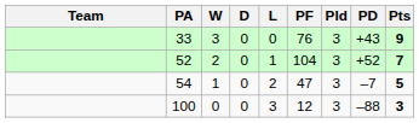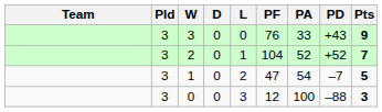 <table class="wikitable" style="text-align:center;">
 <tr>
 <th width=175>Team</th>
-<th width=32 abbr="Points against">PA</th>
+<th width=25 abbr="Played">Pld</th>
 <th width=25 abbr="Won">W</th>
 <th width=25 abbr="Drawn">D</th>
 <th width=25 abbr="Lost">L</th>
 <th width=32 abbr="Points for">PF</th>
-<th width=25 abbr="Played">Pld</th>
+<th width=32 abbr="Points against">PA</th>
 <th width=32 abbr="Points difference">PD</th>
 <th width=25 abbr="Points">Pts</th>
 </tr>
 <tr bgcolor=ccffcc>
 <td align=left></td>
-<td>33</td>
+<td>3</td>
 <td>3</td>
 <td>0</td>
 <td>0</td>
 <td>76</td>
-<td>3</td>
+<td>33</td>
 <td>+43</td>
 <td><strong>9</strong></td>
 </tr>
 <tr bgcolor=ccffcc>
 <td align=left></td>
-<td>52</td>
+<td>3</td>
 <td>2</td>
 <td>0</td>
 <td>1</td>
 <td>104</td>
-<td>3</td>
+<td>52</td>
 <td>+52</td>
 <td><strong>7</strong></td>
 </tr>
 <tr>
 <td align=left></td>
-<td>54</td>
+<td>3</td>
 <td>1</td>
 <td>0</td>
 <td>2</td>
 <td>47</td>
-<td>3</td>
+<td>54</td>
 <td>–7</td>
 <td><strong>5</strong></td>
 </tr>
 <tr>
 <td align=left></td>
-<td>100</td>
+<td>3</td>
 <td>0</td>
 <td>0</td>
 <td>3</td>
 <td>12</td>
-<td>3</td>
+<td>100</td>
 <td>–88</td>
 <td><strong>3</strong></td>
 </tr>
 </table>
